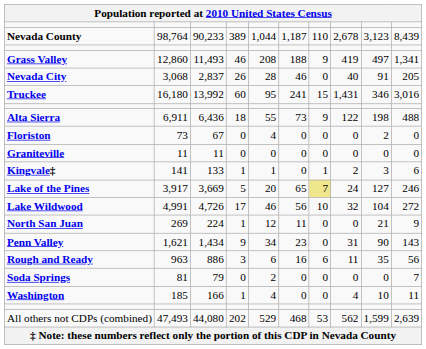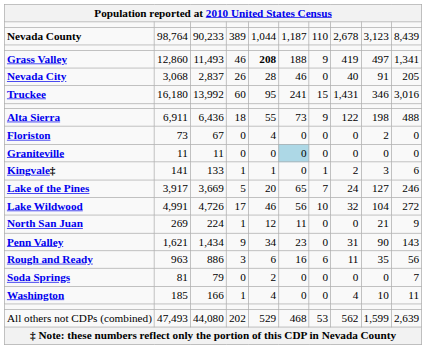 <table class="wikitable collapsible collapsed">
 <tr>
 <th colspan=10>Population reported at <a href='#'>2010 United States Census</a></th>
 </tr>
 <tr>
 <td></td>
 <td></td>
 <td></td>
 <td></td>
 <td></td>
 <td></td>
 <td></td>
 <td></td>
 <td></td>
 <td></td>
 </tr>
 <tr>
 <td><strong> Nevada County</strong></td>
 <td align="right">98,764</td>
 <td align="right">90,233</td>
 <td align="right">389</td>
 <td align="right">1,044</td>
 <td align="right">1,187</td>
 <td align="right">110</td>
 <td align="right">2,678</td>
 <td align="right">3,123</td>
 <td align="right">8,439</td>
 </tr>
 <tr>
 <td></td>
 <td></td>
 <td></td>
 <td></td>
 <td></td>
 <td></td>
 <td></td>
 <td></td>
 <td></td>
 <td></td>
 </tr>
 <tr>
 <td><strong><a href='#'>Grass Valley</a></strong></td>
 <td align="right">12,860</td>
 <td align="right">11,493</td>
 <td align="right">46</td>
-<td align="right">208</td>
+<td align="right"><strong>208</strong></td>
 <td align="right">188</td>
 <td align="right">9</td>
 <td align="right">419</td>
 <td align="right">497</td>
 <td align="right">1,341</td>
 </tr>
 <tr>
 <td><strong><a href='#'>Nevada City</a></strong></td>
 <td align="right">3,068</td>
 <td align="right">2,837</td>
 <td align="right">26</td>
 <td align="right">28</td>
 <td align="right">46</td>
 <td align="right">0</td>
 <td align="right">40</td>
 <td align="right">91</td>
 <td align="right">205</td>
 </tr>
 <tr>
 <td><strong><a href='#'>Truckee</a></strong></td>
 <td align="right">16,180</td>
 <td align="right">13,992</td>
 <td align="right">60</td>
 <td align="right">95</td>
 <td align="right">241</td>
 <td align="right">15</td>
 <td align="right">1,431</td>
 <td align="right">346</td>
 <td align="right">3,016</td>
 </tr>
 <tr>
 <td></td>
 <td></td>
 <td></td>
 <td></td>
 <td></td>
 <td></td>
 <td></td>
 <td></td>
 <td></td>
 <td></td>
 </tr>
 <tr>
 <td><strong><a href='#'>Alta Sierra</a></strong></td>
 <td align="right">6,911</td>
 <td align="right">6,436</td>
 <td align="right">18</td>
 <td align="right">55</td>
 <td align="right">73</td>
 <td align="right">9</td>
 <td align="right">122</td>
 <td align="right">198</td>
 <td align="right">488</td>
 </tr>
 <tr>
 <td><strong><a href='#'>Floriston</a></strong></td>
 <td align="right">73</td>
 <td align="right">67</td>
 <td align="right">0</td>
 <td align="right">4</td>
 <td align="right">0</td>
 <td align="right">0</td>
 <td align="right">0</td>
 <td align="right">2</td>
 <td align="right">0</td>
 </tr>
 <tr>
 <td><strong><a href='#'>Graniteville</a></strong></td>
 <td align="right">11</td>
 <td align="right">11</td>
 <td align="right">0</td>
 <td align="right">0</td>
-<td align="right">0</td>
+<td align="right" style="background: lightblue;">0</td>
 <td align="right">0</td>
 <td align="right">0</td>
 <td align="right">0</td>
 <td align="right">0</td>
 </tr>
 <tr>
 <td><strong><a href='#'>Kingvale</a>‡</strong></td>
 <td align="right">141</td>
 <td align="right">133</td>
 <td align="right">1</td>
 <td align="right">1</td>
 <td align="right">0</td>
 <td align="right">1</td>
 <td align="right">2</td>
 <td align="right">3</td>
 <td align="right">6</td>
 </tr>
 <tr>
 <td><strong><a href='#'>Lake of the Pines</a></strong></td>
 <td align="right">3,917</td>
 <td align="right">3,669</td>
 <td align="right">5</td>
 <td align="right">20</td>
 <td align="right">65</td>
-<td align="right" style="background: khaki;">7</td>
+<td align="right">7</td>
 <td align="right">24</td>
 <td align="right">127</td>
 <td align="right">246</td>
 </tr>
 <tr>
 <td><strong><a href='#'>Lake Wildwood</a></strong></td>
 <td align="right">4,991</td>
 <td align="right">4,726</td>
 <td align="right">17</td>
 <td align="right">46</td>
 <td align="right">56</td>
 <td align="right">10</td>
 <td align="right">32</td>
 <td align="right">104</td>
 <td align="right">272</td>
 </tr>
 <tr>
 <td><strong><a href='#'>North San Juan</a></strong></td>
 <td align="right">269</td>
 <td align="right">224</td>
 <td align="right">1</td>
 <td align="right">12</td>
 <td align="right">11</td>
 <td align="right">0</td>
 <td align="right">0</td>
 <td align="right">21</td>
 <td align="right">9</td>
 </tr>
 <tr>
 <td><strong><a href='#'>Penn Valley</a></strong></td>
 <td align="right">1,621</td>
 <td align="right">1,434</td>
 <td align="right">9</td>
 <td align="right">34</td>
 <td align="right">23</td>
 <td align="right">0</td>
 <td align="right">31</td>
 <td align="right">90</td>
 <td align="right">143</td>
 </tr>
 <tr>
 <td><strong><a href='#'>Rough and Ready</a></strong></td>
 <td align="right">963</td>
 <td align="right">886</td>
 <td align="right">3</td>
 <td align="right">6</td>
 <td align="right">16</td>
 <td align="right">6</td>
 <td align="right">11</td>
 <td align="right">35</td>
 <td align="right">56</td>
 </tr>
 <tr>
 <td><strong><a href='#'>Soda Springs</a></strong></td>
 <td align="right">81</td>
 <td align="right">79</td>
 <td align="right">0</td>
 <td align="right">2</td>
 <td align="right">0</td>
 <td align="right">0</td>
 <td align="right">0</td>
 <td align="right">0</td>
 <td align="right">7</td>
 </tr>
 <tr>
 <td><strong><a href='#'>Washington</a></strong></td>
 <td align="right">185</td>
 <td align="right">166</td>
 <td align="right">1</td>
 <td align="right">4</td>
 <td align="right">0</td>
 <td align="right">0</td>
 <td align="right">4</td>
 <td align="right">10</td>
 <td align="right">11</td>
 </tr>
 <tr>
 <td></td>
 <td></td>
 <td></td>
 <td></td>
 <td></td>
 <td></td>
 <td></td>
 <td></td>
 <td></td>
 <td></td>
 </tr>
 <tr>
 <td>All others not CDPs (combined)</td>
 <td align="right">47,493</td>
 <td align="right">44,080</td>
 <td align="right">202</td>
 <td align="right">529</td>
 <td align="right">468</td>
 <td align="right">53</td>
 <td align="right">562</td>
 <td align="right">1,599</td>
 <td align="right">2,639</td>
 </tr>
 <tr>
 <th colspan=10>‡ Note: these numbers reflect only the portion of this CDP in Nevada County</th>
 </tr>
 </table>
